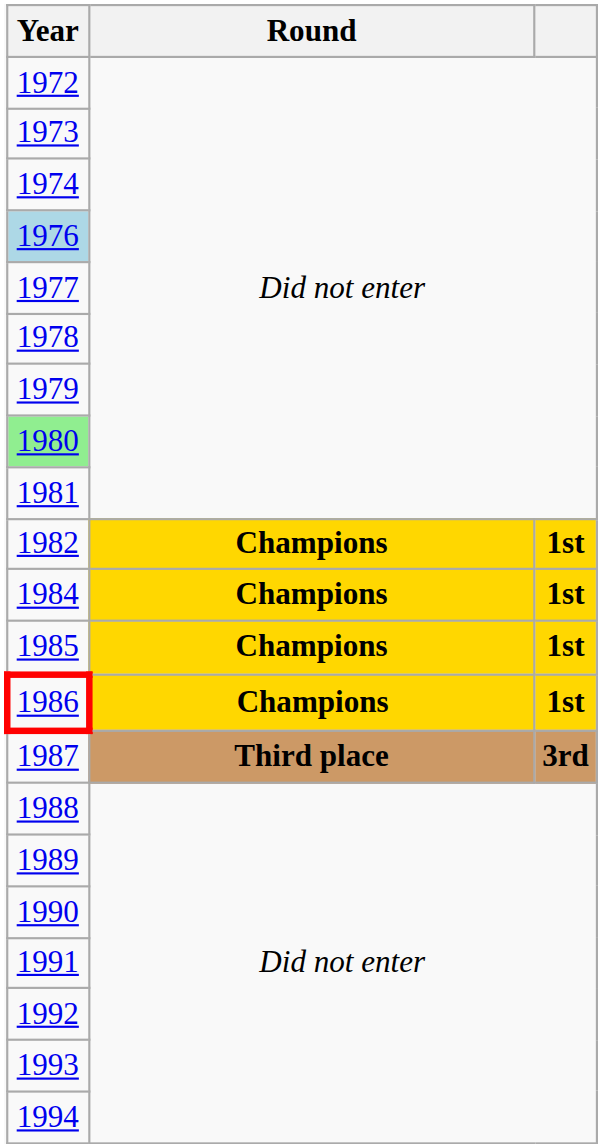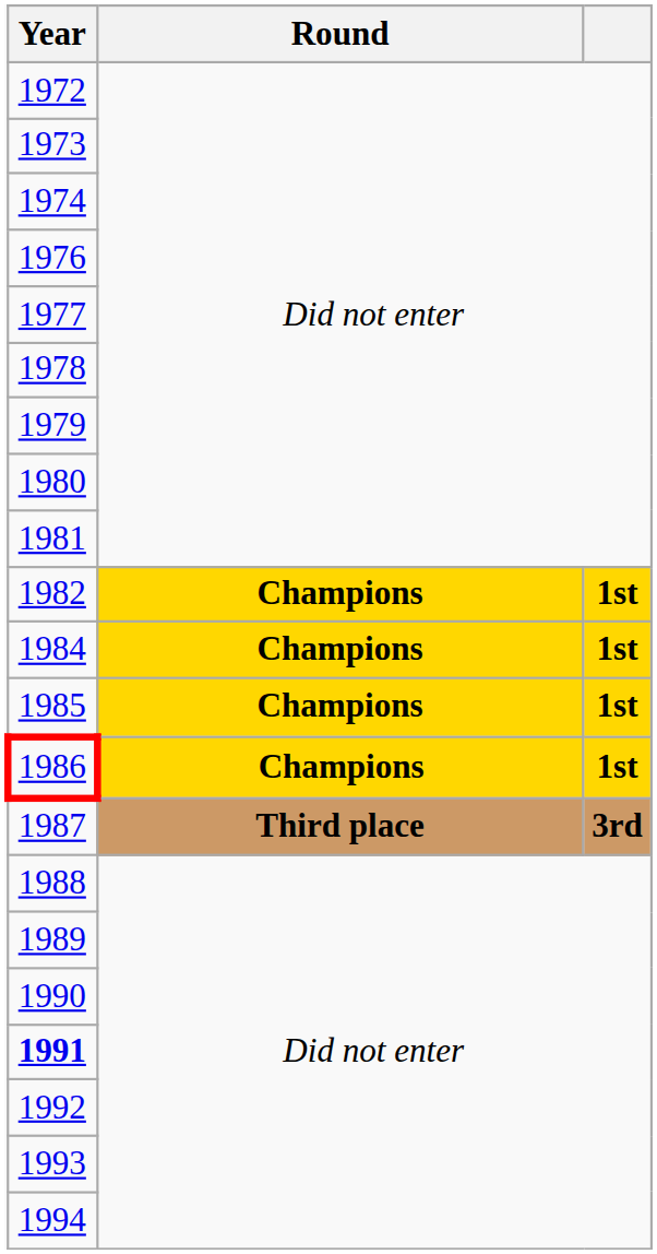 <table class="wikitable" style="text-align: center; font-size:90%">
 <tr>
 <th>Year</th>
 <th style="width:200px">Round</th>
 <th></th>
 </tr>
 <tr>
 <td><a href='#'>1972</a></td>
 <td colspan="2" rowspan="9"><em>Did not enter</em></td>
 </tr>
 <tr>
 <td><a href='#'>1973</a></td>
 </tr>
 <tr>
 <td><a href='#'>1974</a></td>
 </tr>
 <tr>
-<td style="background: lightblue;"><a href='#'>1976</a></td>
+<td><a href='#'>1976</a></td>
 </tr>
 <tr>
 <td><a href='#'>1977</a></td>
 </tr>
 <tr>
 <td><a href='#'>1978</a></td>
 </tr>
 <tr>
 <td><a href='#'>1979</a></td>
 </tr>
 <tr>
-<td style="background: lightgreen;"><a href='#'>1980</a></td>
+<td><a href='#'>1980</a></td>
 </tr>
 <tr>
 <td><a href='#'>1981</a></td>
 </tr>
 <tr>
 <td><a href='#'>1982</a></td>
 <td bgcolor=Gold><strong>Champions</strong></td>
 <td bgcolor=Gold><strong>1st</strong></td>
 </tr>
 <tr>
 <td><a href='#'>1984</a></td>
 <td bgcolor=Gold><strong>Champions</strong></td>
 <td bgcolor=Gold><strong>1st</strong></td>
 </tr>
 <tr>
 <td><a href='#'>1985</a></td>
 <td bgcolor=Gold><strong>Champions</strong></td>
 <td bgcolor=Gold><strong>1st</strong></td>
 </tr>
 <tr>
 <td style="border: 3px solid red"><a href='#'>1986</a></td>
 <td bgcolor=Gold><strong>Champions</strong></td>
 <td bgcolor=Gold><strong>1st</strong></td>
 </tr>
 <tr>
 <td><a href='#'>1987</a></td>
 <td bgcolor="cc9966"><strong>Third place</strong></td>
 <td bgcolor="cc9966"><strong>3rd</strong></td>
 </tr>
 <tr>
 <td><a href='#'>1988</a></td>
 <td colspan="2" rowspan="7"><em>Did not enter</em></td>
 </tr>
 <tr>
 <td><a href='#'>1989</a></td>
 </tr>
 <tr>
 <td><a href='#'>1990</a></td>
 </tr>
 <tr>
-<td><a href='#'>1991</a></td>
+<td><strong><a href='#'>1991</a></strong></td>
 </tr>
 <tr>
 <td><a href='#'>1992</a></td>
 </tr>
 <tr>
 <td><a href='#'>1993</a></td>
 </tr>
 <tr>
 <td><a href='#'>1994</a></td>
 </tr>
 </table>
